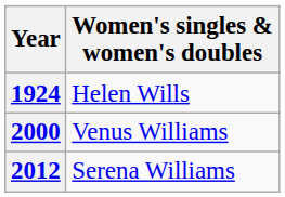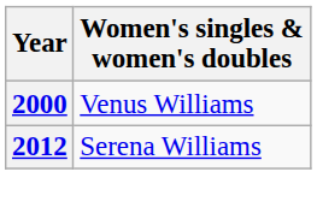 <table class="wikitable" style="display:inline-table">
 <tr>
 <th scope="col">Year</th>
 <th scope="col">Women's singles &<br>women's doubles</th>
-</tr>
-<tr>
-<th scope="row"><a href='#'>1924</a></th>
-<td> <a href='#'>Helen Wills</a></td>
 </tr>
 <tr>
 <th scope="row"><a href='#'>2000</a></th>
 <td> <a href='#'>Venus Williams</a></td>
 </tr>
 <tr>
 <th scope="row"><a href='#'>2012</a></th>
 <td> <a href='#'>Serena Williams</a></td>
 </tr>
 </table>
